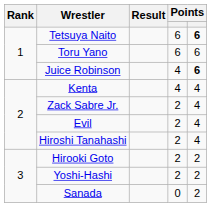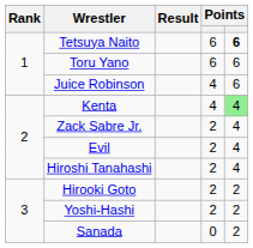 <table class="wikitable mw-collapsible mw-collapsed" plainrowheaders sortable" style="text-align: center">
 <tr>
 <th scope="col" rowspan="2">Rank</th>
 <th scope="col" rowspan="2">Wrestler</th>
 <th scope="col" rowspan="2">Result</th>
 <th scope="col" colspan="2">Points</th>
 </tr>
 <tr>
 <th></th>
 <th></th>
 </tr>
 <tr>
 <td rowspan="3">1</td>
 <td><a href='#'>Tetsuya Naito</a></td>
 <td></td>
 <td>6</td>
 <td><strong>6</strong></td>
 </tr>
 <tr>
 <td><a href='#'>Toru Yano</a></td>
 <td></td>
 <td>6</td>
 <td>6</td>
 </tr>
 <tr>
 <td><a href='#'>Juice Robinson</a></td>
 <td></td>
 <td>4</td>
-<td><strong>6</strong></td>
+<td>6</td>
 </tr>
 <tr>
 <td rowspan="4">2</td>
 <td><a href='#'>Kenta</a></td>
 <td></td>
 <td>4</td>
-<td>4</td>
+<td style="background: lightgreen;">4</td>
 </tr>
 <tr>
 <td><a href='#'>Zack Sabre Jr.</a></td>
 <td></td>
 <td>2</td>
 <td>4</td>
 </tr>
 <tr>
 <td><a href='#'>Evil</a></td>
 <td></td>
 <td>2</td>
 <td>4</td>
 </tr>
 <tr>
 <td><a href='#'>Hiroshi Tanahashi</a></td>
 <td></td>
 <td>2</td>
 <td>4</td>
 </tr>
 <tr>
 <td rowspan="3">3</td>
 <td><a href='#'>Hirooki Goto</a></td>
 <td></td>
 <td>2</td>
 <td>2</td>
 </tr>
 <tr>
 <td><a href='#'>Yoshi-Hashi</a></td>
 <td></td>
 <td>2</td>
 <td>2</td>
 </tr>
 <tr>
 <td><a href='#'>Sanada</a></td>
 <td></td>
 <td>0</td>
 <td>2</td>
 </tr>
 </table>
